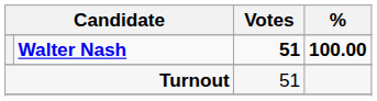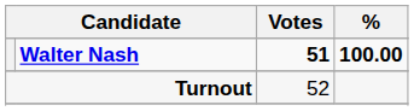 <table class="wikitable" style="font-size: 95%;">
 <tr style="background-color:#E9E9E9">
 <th colspan="2" style="width: 170px">Candidate</th>
 <th style="width: 50px">Votes</th>
 <th style="width: 40px">%</th>
 </tr>
 <tr>
 </tr>
 <tr>
 <th style="background-color: "></th>
 <td style="width: 170px"><strong><a href='#'>Walter Nash</a></strong></td>
 <td align="right"><strong>51</strong></td>
 <td align="right"><strong>100.00</strong></td>
 </tr>
 <tr>
 </tr>
 <tr style="background-color:#F6F6F6">
 <td colspan="2" align="right"><strong>Turnout</strong></td>
-<td align="right">51</td>
+<td align="right">52</td>
 <td></td>
 </tr>
 <tr>
 </tr>
 <tr style="background-color:#F6F6F6">
 </tr>
 </table>
